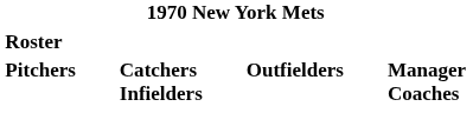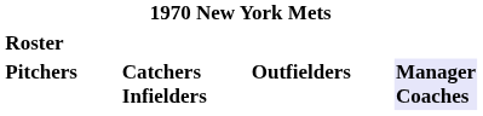 <table class="toccolours" style="font-size: 95%;">
 <tr>
 <th colspan="10">1970 New York Mets</th>
 </tr>
 <tr>
 <td colspan="10"><strong>Roster</strong></td>
 </tr>
 <tr>
 <td valign="top"><strong>Pitchers</strong><br>             </td>
 <td width="25px"></td>
 <td valign="top"><strong>Catchers</strong><br>  <strong>Infielders</strong>          </td>
 <td width="25px"></td>
 <td valign="top"><strong>Outfielders</strong><br>       </td>
 <td width="25px"></td>
-<td valign="top"><strong>Manager</strong><br> <strong>Coaches</strong>    </td>
+<td valign="top" style="background: lavender;"><strong>Manager</strong><br> <strong>Coaches</strong>    </td>
 </tr>
 </table>
